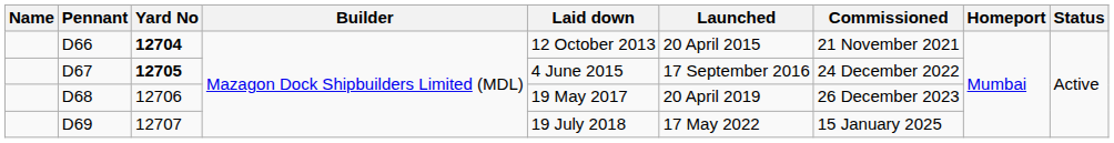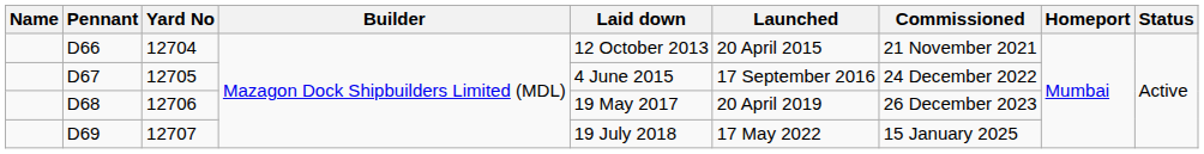 <table class="wikitable">
 <tr>
 <th>Name</th>
 <th>Pennant</th>
 <th>Yard No</th>
 <th>Builder</th>
 <th>Laid down</th>
 <th>Launched</th>
 <th>Commissioned</th>
 <th>Homeport</th>
 <th>Status</th>
 </tr>
 <tr>
 <td></td>
 <td>D66</td>
-<td><strong>12704</strong></td>
+<td>12704</td>
 <td rowspan=4><a href='#'>Mazagon Dock Shipbuilders Limited</a> (MDL)</td>
 <td>12 October 2013</td>
 <td>20 April 2015</td>
 <td>21 November 2021</td>
 <td rowspan="4"><a href='#'>Mumbai</a></td>
 <td rowspan="4">Active</td>
 </tr>
 <tr>
 <td></td>
 <td>D67</td>
-<td><strong>12705</strong></td>
+<td>12705</td>
 <td>4 June 2015</td>
 <td>17 September 2016</td>
 <td>24 December 2022 </td>
 </tr>
 <tr>
 <td></td>
 <td>D68</td>
 <td>12706</td>
 <td>19 May 2017</td>
 <td>20 April 2019</td>
 <td>26 December 2023 </td>
 </tr>
 <tr>
 <td></td>
 <td>D69</td>
 <td>12707</td>
 <td>19 July 2018</td>
 <td>17 May 2022</td>
 <td>15 January 2025</td>
 </tr>
 </table>
